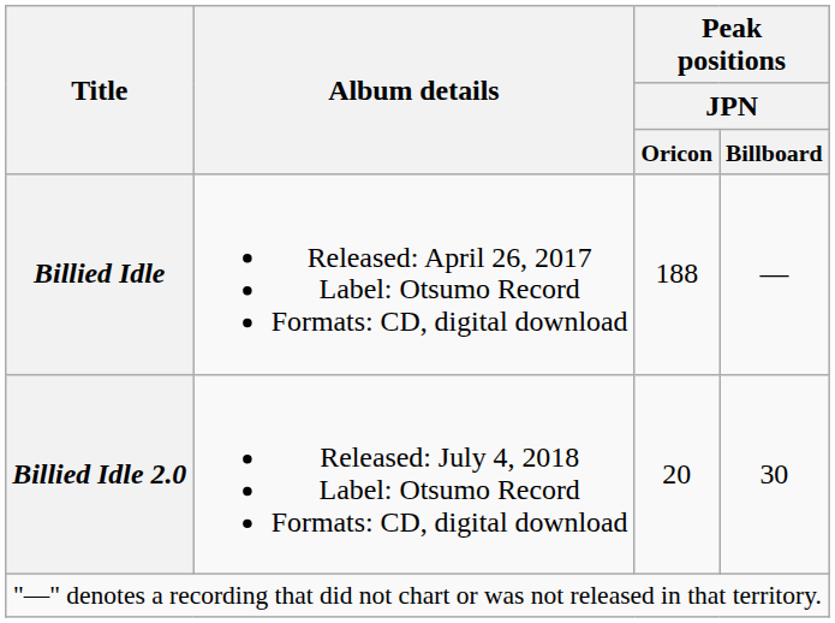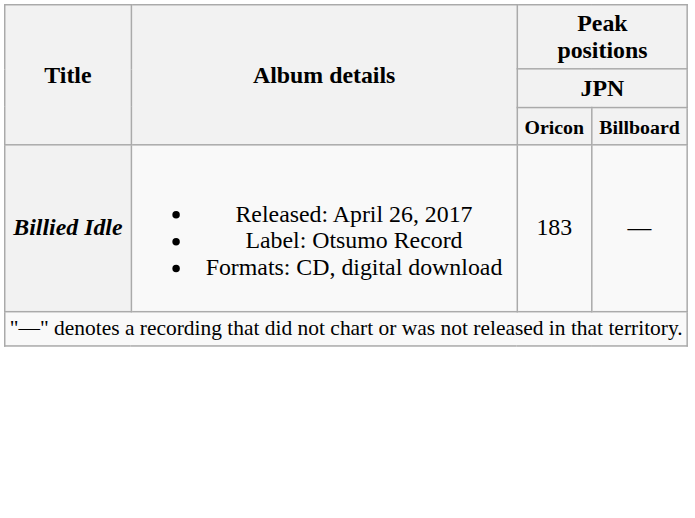 <table class="wikitable plainrowheaders" style="text-align:center;">
 <tr>
 <th scope="col" rowspan="3">Title</th>
 <th scope="col" rowspan="3">Album details</th>
 <th scope="col" colspan="2">Peak <br> positions</th>
 </tr>
 <tr>
 <th colspan="2">JPN</th>
 </tr>
 <tr>
 <th scope="col" colspan="1"><small>Oricon</small><br></th>
 <th scope="col" colspan="1"><small>Billboard</small><br></th>
 </tr>
 <tr>
 <th scope="row"><em>Billied Idle</em></th>
 <td><br><ul><li>Released: April 26, 2017</li><li>Label: Otsumo Record</li><li>Formats: CD, digital download</li></ul></td>
-<td>188</td>
+<td>183</td>
 <td>—</td>
-</tr>
-<tr>
-<th scope="row"><em>Billied Idle 2.0</em></th>
-<td><br><ul><li>Released: July 4, 2018</li><li>Label: Otsumo Record</li><li>Formats: CD, digital download</li></ul></td>
-<td>20</td>
-<td>30</td>
 </tr>
 <tr>
 <td align="center" colspan="4" style="font-size:90%">"—" denotes a recording that did not chart or was not released in that territory.</td>
 </tr>
 </table>
